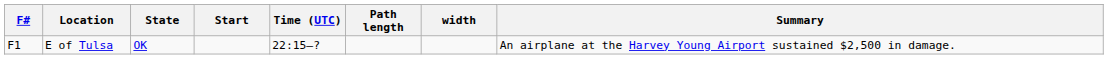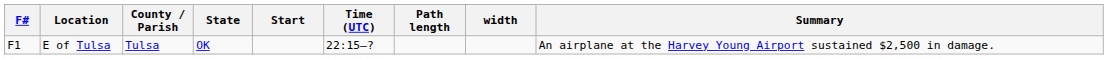 <table class="wikitable sortable" style="width:100%;">
 <tr>
 <th scope="col"  style="width:3%; text-align:center;"><a href='#'>F#</a></th>
 <th scope="col"  style="width:7%; text-align:center;" class="unsortable">Location</th>
+<th scope="col"  style="width:6%; text-align:center;" class="unsortable">County / Parish</th>
 <th scope="col"  style="width:5%; text-align:center;">State</th>
 <th scope="col"  style="width:6%; text-align:center;">Start<br></th>
 <th scope="col"  style="width:6%; text-align:center;">Time (<a href='#'>UTC</a>)</th>
 <th scope="col"  style="width:6%; text-align:center;">Path length</th>
 <th scope="col"  style="width:6%; text-align:center;"> width</th>
 <th scope="col" class="unsortable" style="width:48%; text-align:center;">Summary</th>
 </tr>
 <tr>
 <td>F1</td>
 <td>E of <a href='#'>Tulsa</a></td>
+<td><a href='#'>Tulsa</a></td>
 <td><a href='#'>OK</a></td>
 <td></td>
 <td>22:15–?</td>
 <td></td>
 <td></td>
 <td>An airplane at the <a href='#'>Harvey Young Airport</a> sustained $2,500 in damage.</td>
 </tr>
 </table>
